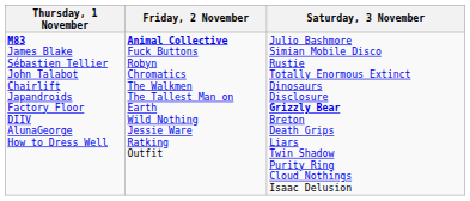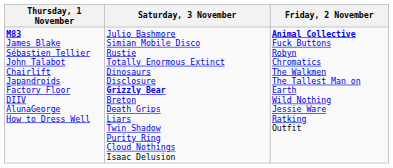 <table class="wikitable">
 <tr>
 <th>Thursday, 1 November</th>
+<th>Saturday, 3 November</th>
 <th>Friday, 2 November</th>
-<th>Saturday, 3 November</th>
 </tr>
 <tr valign="top">
 <td><strong><a href='#'>M83</a></strong><br><a href='#'>James Blake</a><br><a href='#'>Sébastien Tellier</a><br><a href='#'>John Talabot</a><br><a href='#'>Chairlift</a><br><a href='#'>Japandroids</a><br><a href='#'>Factory Floor</a><br><a href='#'>DIIV</a><br><a href='#'>AlunaGeorge</a><br><a href='#'>How to Dress Well</a></td>
+<td><a href='#'>Julio Bashmore</a><br><a href='#'>Simian Mobile Disco</a><br><a href='#'>Rustie</a><br><a href='#'>Totally Enormous Extinct Dinosaurs</a><br><a href='#'>Disclosure</a><br><strong><a href='#'>Grizzly Bear</a></strong><br><a href='#'>Breton</a><br><a href='#'>Death Grips</a><br><a href='#'>Liars</a><br><a href='#'>Twin Shadow</a><br><a href='#'>Purity Ring</a><br><a href='#'>Cloud Nothings</a><br>Isaac Delusion</td>
 <td><strong><a href='#'>Animal Collective</a></strong><br><a href='#'>Fuck Buttons</a><br><a href='#'>Robyn</a><br><a href='#'>Chromatics</a><br><a href='#'>The Walkmen</a><br><a href='#'>The Tallest Man on Earth</a><br><a href='#'>Wild Nothing</a><br><a href='#'>Jessie Ware</a><br><a href='#'>Ratking</a><br>Outfit</td>
-<td><a href='#'>Julio Bashmore</a><br><a href='#'>Simian Mobile Disco</a><br><a href='#'>Rustie</a><br><a href='#'>Totally Enormous Extinct Dinosaurs</a><br><a href='#'>Disclosure</a><br><strong><a href='#'>Grizzly Bear</a></strong><br><a href='#'>Breton</a><br><a href='#'>Death Grips</a><br><a href='#'>Liars</a><br><a href='#'>Twin Shadow</a><br><a href='#'>Purity Ring</a><br><a href='#'>Cloud Nothings</a><br>Isaac Delusion</td>
 </tr>
 </table>
